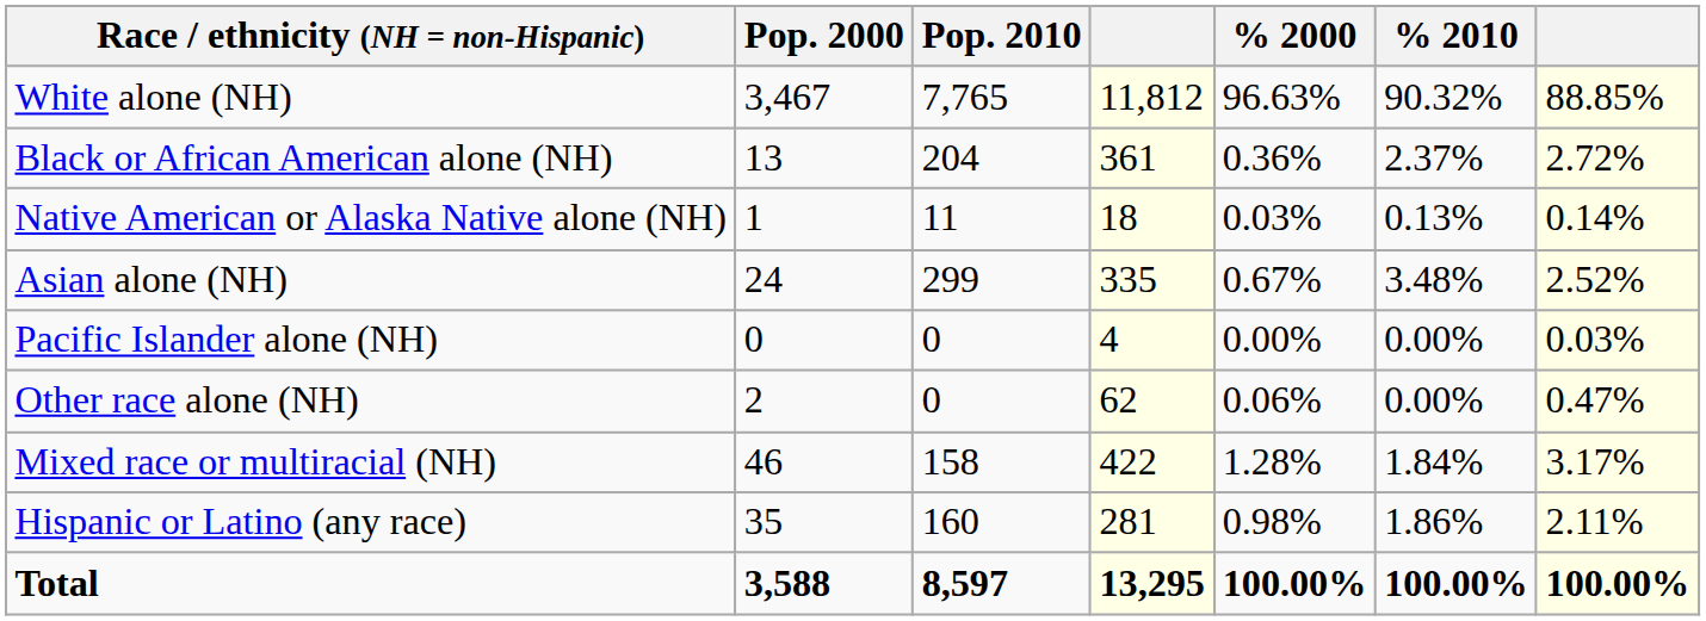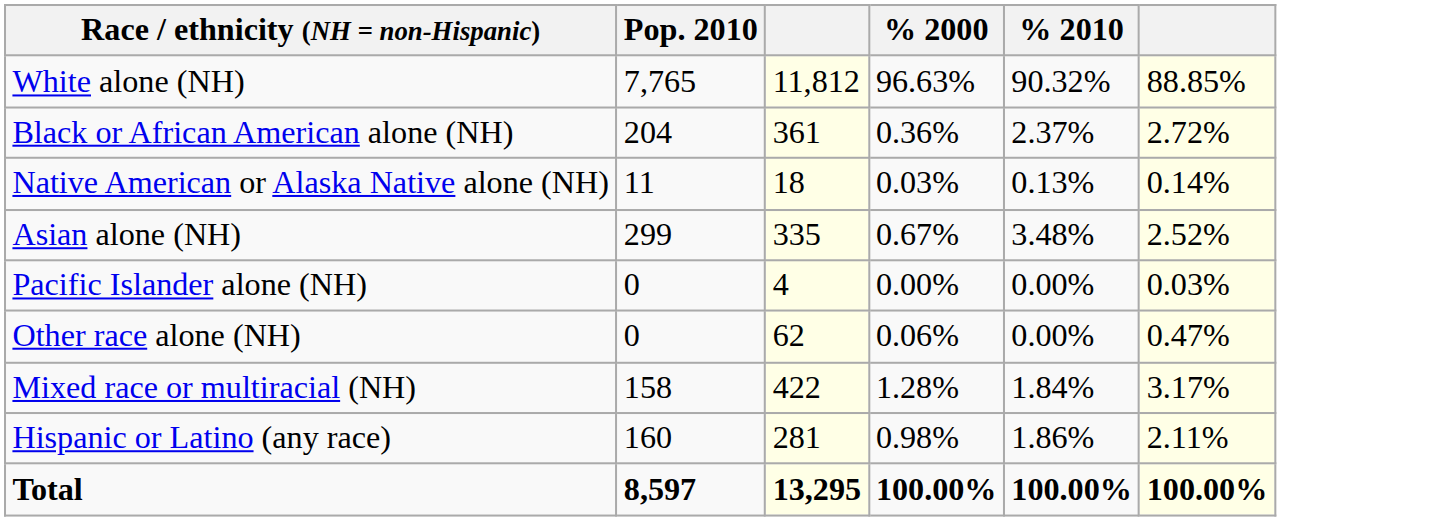 <table class="wikitable">
 <tr>
 <th>Race / ethnicity <small>(<em>NH = non-Hispanic</em>)</small></th>
-<th>Pop. 2000</th>
 <th>Pop. 2010</th>
 <th></th>
 <th>% 2000</th>
 <th>% 2010</th>
 <th></th>
 </tr>
 <tr>
 <td><a href='#'>White</a> alone (NH)</td>
-<td>3,467</td>
 <td>7,765</td>
 <td style='background: #ffffe6;'>11,812</td>
 <td>96.63%</td>
 <td>90.32%</td>
 <td style='background: #ffffe6;'>88.85%</td>
 </tr>
 <tr>
 <td><a href='#'>Black or African American</a> alone (NH)</td>
-<td>13</td>
 <td>204</td>
 <td style='background: #ffffe6;'>361</td>
 <td>0.36%</td>
 <td>2.37%</td>
 <td style='background: #ffffe6;'>2.72%</td>
 </tr>
 <tr>
 <td><a href='#'>Native American</a> or <a href='#'>Alaska Native</a> alone (NH)</td>
-<td>1</td>
 <td>11</td>
 <td style='background: #ffffe6;'>18</td>
 <td>0.03%</td>
 <td>0.13%</td>
 <td style='background: #ffffe6;'>0.14%</td>
 </tr>
 <tr>
 <td><a href='#'>Asian</a> alone (NH)</td>
-<td>24</td>
 <td>299</td>
 <td style='background: #ffffe6;'>335</td>
 <td>0.67%</td>
 <td>3.48%</td>
 <td style='background: #ffffe6;'>2.52%</td>
 </tr>
 <tr>
 <td><a href='#'>Pacific Islander</a> alone (NH)</td>
 <td>0</td>
-<td>0</td>
 <td style='background: #ffffe6;'>4</td>
 <td>0.00%</td>
 <td>0.00%</td>
 <td style='background: #ffffe6;'>0.03%</td>
 </tr>
 <tr>
 <td><a href='#'>Other race</a> alone (NH)</td>
-<td>2</td>
 <td>0</td>
 <td style='background: #ffffe6;'>62</td>
 <td>0.06%</td>
 <td>0.00%</td>
 <td style='background: #ffffe6;'>0.47%</td>
 </tr>
 <tr>
 <td><a href='#'>Mixed race or multiracial</a> (NH)</td>
-<td>46</td>
 <td>158</td>
 <td style='background: #ffffe6;'>422</td>
 <td>1.28%</td>
 <td>1.84%</td>
 <td style='background: #ffffe6;'>3.17%</td>
 </tr>
 <tr>
 <td><a href='#'>Hispanic or Latino</a> (any race)</td>
-<td>35</td>
 <td>160</td>
 <td style='background: #ffffe6;'>281</td>
 <td>0.98%</td>
 <td>1.86%</td>
 <td style='background: #ffffe6;'>2.11%</td>
 </tr>
 <tr>
 <td><strong>Total</strong></td>
-<td><strong>3,588</strong></td>
 <td><strong>8,597</strong></td>
 <td style='background: #ffffe6;'><strong>13,295</strong></td>
 <td><strong>100.00%</strong></td>
 <td><strong>100.00%</strong></td>
 <td style='background: #ffffe6;'><strong>100.00%</strong></td>
 </tr>
 </table>
